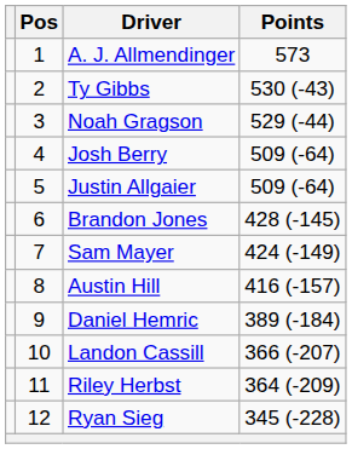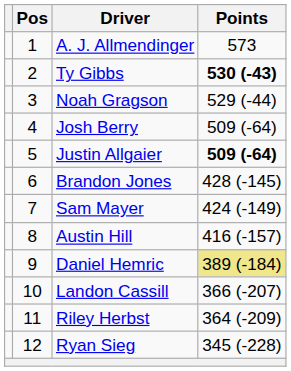 <table class="wikitable" style="font-size: 95%;">
 <tr>
 <th></th>
 <th>Pos</th>
 <th>Driver</th>
 <th>Points</th>
 </tr>
 <tr>
 <td align="left"></td>
 <td style="text-align:center;">1</td>
 <td><a href='#'>A. J. Allmendinger</a></td>
 <td style="text-align:center;">573</td>
 </tr>
 <tr>
 <td align="left"></td>
 <td style="text-align:center;">2</td>
 <td><a href='#'>Ty Gibbs</a></td>
-<td style="text-align:center;">530 (-43)</td>
+<td style="text-align:center;"><strong>530 (-43)</strong></td>
 </tr>
 <tr>
 <td align="left"></td>
 <td style="text-align:center;">3</td>
 <td><a href='#'>Noah Gragson</a></td>
 <td style="text-align:center;">529 (-44)</td>
 </tr>
 <tr>
 <td align="left"></td>
 <td style="text-align:center;">4</td>
 <td><a href='#'>Josh Berry</a></td>
 <td style="text-align:center;">509 (-64)</td>
 </tr>
 <tr>
 <td align="left"></td>
 <td style="text-align:center;">5</td>
 <td><a href='#'>Justin Allgaier</a></td>
-<td style="text-align:center;">509 (-64)</td>
+<td style="text-align:center;"><strong>509 (-64)</strong></td>
 </tr>
 <tr>
 <td align="left"></td>
 <td style="text-align:center;">6</td>
 <td><a href='#'>Brandon Jones</a></td>
 <td style="text-align:center;">428 (-145)</td>
 </tr>
 <tr>
 <td align="left"></td>
 <td style="text-align:center;">7</td>
 <td><a href='#'>Sam Mayer</a></td>
 <td style="text-align:center;">424 (-149)</td>
 </tr>
 <tr>
 <td align="left"></td>
 <td style="text-align:center;">8</td>
 <td><a href='#'>Austin Hill</a></td>
 <td style="text-align:center;">416 (-157)</td>
 </tr>
 <tr>
 <td align="left"></td>
 <td style="text-align:center;">9</td>
 <td><a href='#'>Daniel Hemric</a></td>
-<td style="text-align:center;">389 (-184)</td>
+<td style="background: khaki; text-align:center;">389 (-184)</td>
 </tr>
 <tr>
 <td align="left"></td>
 <td style="text-align:center;">10</td>
 <td><a href='#'>Landon Cassill</a></td>
 <td style="text-align:center;">366 (-207)</td>
 </tr>
 <tr>
 <td align="left"></td>
 <td style="text-align:center;">11</td>
 <td><a href='#'>Riley Herbst</a></td>
 <td style="text-align:center;">364 (-209)</td>
 </tr>
 <tr>
 <td align="left"></td>
 <td style="text-align:center;">12</td>
 <td><a href='#'>Ryan Sieg</a></td>
 <td style="text-align:center;">345 (-228)</td>
 </tr>
 <tr class="sortbottom">
 <th colspan="9"></th>
 </tr>
 </table>
